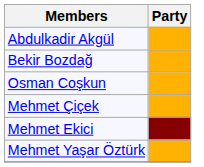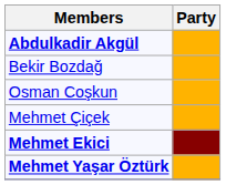 <table class=wikitable style="border:1px solid #8888aa; background-color:#f7f8ff; padding:0px; font-size:90%;">
 <tr>
 <th>Members</th>
 <th colspan="2">Party</th>
 </tr>
 <tr>
-<td><a href='#'>Abdulkadir Akgül</a></td>
+<td><strong><a href='#'>Abdulkadir Akgül</a></strong></td>
 <td style="background: #ffb300"></td>
 </tr>
 <tr>
 <td><a href='#'>Bekir Bozdağ</a></td>
 <td style="background: #ffb300"></td>
 </tr>
 <tr>
 <td><a href='#'>Osman Coşkun</a></td>
 <td style="background: #ffb300"></td>
 </tr>
 <tr>
 <td><a href='#'>Mehmet Çiçek</a></td>
 <td style="background: #ffb300"></td>
 </tr>
 <tr>
-<td><a href='#'>Mehmet Ekici</a></td>
+<td><strong><a href='#'>Mehmet Ekici</a></strong></td>
 <td style="background: #870000"></td>
 </tr>
 <tr>
-<td><a href='#'>Mehmet Yaşar Öztürk</a></td>
+<td><strong><a href='#'>Mehmet Yaşar Öztürk</a></strong></td>
 <td style="background: #ffb300"></td>
 </tr>
 <tr>
 </tr>
 </table>
